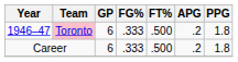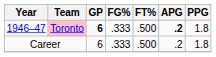 <table class="wikitable sortable" style="font-size:95%; text-align:right;">
 <tr>
 <th>Year</th>
 <th>Team</th>
 <th>GP</th>
 <th>FG%</th>
 <th>FT%</th>
 <th>APG</th>
 <th>PPG</th>
 </tr>
 <tr>
 <td style="text-align:left;"><a href='#'>1946–47</a></td>
 <td style="background: pink; text-align:left;"><a href='#'>Toronto</a></td>
-<td>6</td>
+<td><strong>6</strong></td>
 <td>.333</td>
 <td>.500</td>
-<td>.2</td>
+<td><strong>.2</strong></td>
 <td>1.8</td>
 </tr>
 <tr>
 <td style="text-align:center;" colspan="2">Career</td>
 <td>6</td>
 <td>.333</td>
 <td>.500</td>
 <td>.2</td>
 <td>1.8</td>
 </tr>
 <tr>
 </tr>
 </table>
